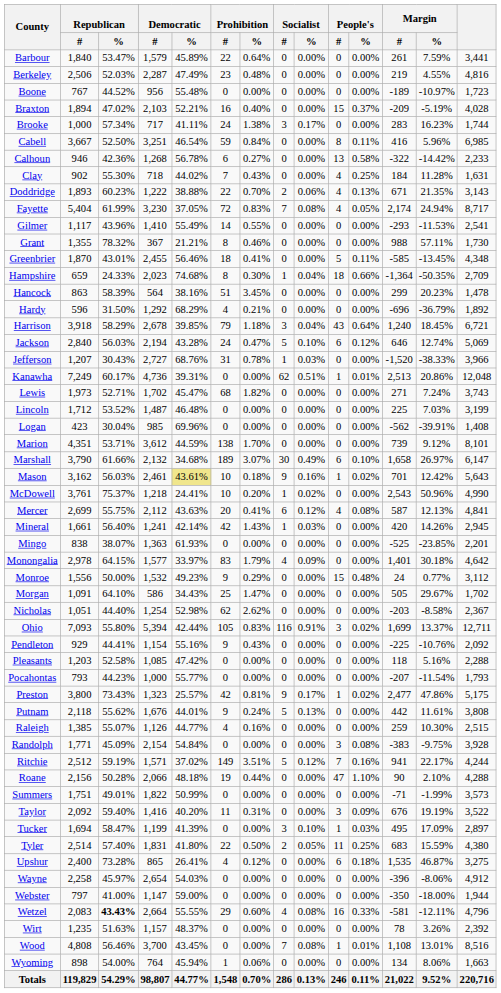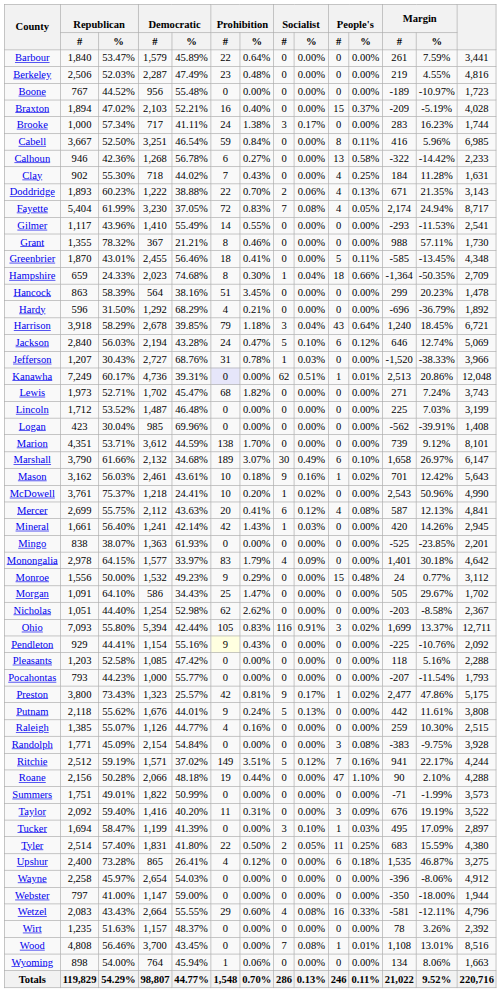 <table class="wikitable sortable mw-collapsible mw-collapsed">
 <tr>
 <th rowspan="2">County</th>
 <th colspan="2"><br>Republican</th>
 <th colspan="2"><br>Democratic</th>
 <th colspan="2"><br>Prohibition</th>
 <th colspan="2"><br>Socialist</th>
 <th colspan="2"><br>People's</th>
 <th colspan="2">Margin</th>
 <th rowspan="2"></th>
 </tr>
 <tr>
 <th data-sort-type="number">#</th>
 <th data-sort-type="number">%</th>
 <th data-sort-type="number">#</th>
 <th data-sort-type="number">%</th>
 <th data-sort-type="number">#</th>
 <th data-sort-type="number">%</th>
 <th data-sort-type="number">#</th>
 <th data-sort-type="number">%</th>
 <th data-sort-type="number">#</th>
 <th data-sort-type="number">%</th>
 <th data-sort-type="number">#</th>
 <th data-sort-type="number">%</th>
 </tr>
 <tr style="text-align:center;">
 <td><a href='#'>Barbour</a></td>
 <td>1,840</td>
 <td>53.47%</td>
 <td>1,579</td>
 <td>45.89%</td>
 <td>22</td>
 <td>0.64%</td>
 <td>0</td>
 <td>0.00%</td>
 <td>0</td>
 <td>0.00%</td>
 <td>261</td>
 <td>7.59%</td>
 <td>3,441</td>
 </tr>
 <tr style="text-align:center;">
 <td><a href='#'>Berkeley</a></td>
 <td>2,506</td>
 <td>52.03%</td>
 <td>2,287</td>
 <td>47.49%</td>
 <td>23</td>
 <td>0.48%</td>
 <td>0</td>
 <td>0.00%</td>
 <td>0</td>
 <td>0.00%</td>
 <td>219</td>
 <td>4.55%</td>
 <td>4,816</td>
 </tr>
 <tr style="text-align:center;">
 <td><a href='#'>Boone</a></td>
 <td>767</td>
 <td>44.52%</td>
 <td>956</td>
 <td>55.48%</td>
 <td>0</td>
 <td>0.00%</td>
 <td>0</td>
 <td>0.00%</td>
 <td>0</td>
 <td>0.00%</td>
 <td>-189</td>
 <td>-10.97%</td>
 <td>1,723</td>
 </tr>
 <tr style="text-align:center;">
 <td><a href='#'>Braxton</a></td>
 <td>1,894</td>
 <td>47.02%</td>
 <td>2,103</td>
 <td>52.21%</td>
 <td>16</td>
 <td>0.40%</td>
 <td>0</td>
 <td>0.00%</td>
 <td>15</td>
 <td>0.37%</td>
 <td>-209</td>
 <td>-5.19%</td>
 <td>4,028</td>
 </tr>
 <tr style="text-align:center;">
 <td><a href='#'>Brooke</a></td>
 <td>1,000</td>
 <td>57.34%</td>
 <td>717</td>
 <td>41.11%</td>
 <td>24</td>
 <td>1.38%</td>
 <td>3</td>
 <td>0.17%</td>
 <td>0</td>
 <td>0.00%</td>
 <td>283</td>
 <td>16.23%</td>
 <td>1,744</td>
 </tr>
 <tr style="text-align:center;">
 <td><a href='#'>Cabell</a></td>
 <td>3,667</td>
 <td>52.50%</td>
 <td>3,251</td>
 <td>46.54%</td>
 <td>59</td>
 <td>0.84%</td>
 <td>0</td>
 <td>0.00%</td>
 <td>8</td>
 <td>0.11%</td>
 <td>416</td>
 <td>5.96%</td>
 <td>6,985</td>
 </tr>
 <tr style="text-align:center;">
 <td><a href='#'>Calhoun</a></td>
 <td>946</td>
 <td>42.36%</td>
 <td>1,268</td>
 <td>56.78%</td>
 <td>6</td>
 <td>0.27%</td>
 <td>0</td>
 <td>0.00%</td>
 <td>13</td>
 <td>0.58%</td>
 <td>-322</td>
 <td>-14.42%</td>
 <td>2,233</td>
 </tr>
 <tr style="text-align:center;">
 <td><a href='#'>Clay</a></td>
 <td>902</td>
 <td>55.30%</td>
 <td>718</td>
 <td>44.02%</td>
 <td>7</td>
 <td>0.43%</td>
 <td>0</td>
 <td>0.00%</td>
 <td>4</td>
 <td>0.25%</td>
 <td>184</td>
 <td>11.28%</td>
 <td>1,631</td>
 </tr>
 <tr style="text-align:center;">
 <td><a href='#'>Doddridge</a></td>
 <td>1,893</td>
 <td>60.23%</td>
 <td>1,222</td>
 <td>38.88%</td>
 <td>22</td>
 <td>0.70%</td>
 <td>2</td>
 <td>0.06%</td>
 <td>4</td>
 <td>0.13%</td>
 <td>671</td>
 <td>21.35%</td>
 <td>3,143</td>
 </tr>
 <tr style="text-align:center;">
 <td><a href='#'>Fayette</a></td>
 <td>5,404</td>
 <td>61.99%</td>
 <td>3,230</td>
 <td>37.05%</td>
 <td>72</td>
 <td>0.83%</td>
 <td>7</td>
 <td>0.08%</td>
 <td>4</td>
 <td>0.05%</td>
 <td>2,174</td>
 <td>24.94%</td>
 <td>8,717</td>
 </tr>
 <tr style="text-align:center;">
 <td><a href='#'>Gilmer</a></td>
 <td>1,117</td>
 <td>43.96%</td>
 <td>1,410</td>
 <td>55.49%</td>
 <td>14</td>
 <td>0.55%</td>
 <td>0</td>
 <td>0.00%</td>
 <td>0</td>
 <td>0.00%</td>
 <td>-293</td>
 <td>-11.53%</td>
 <td>2,541</td>
 </tr>
 <tr style="text-align:center;">
 <td><a href='#'>Grant</a></td>
 <td>1,355</td>
 <td>78.32%</td>
 <td>367</td>
 <td>21.21%</td>
 <td>8</td>
 <td>0.46%</td>
 <td>0</td>
 <td>0.00%</td>
 <td>0</td>
 <td>0.00%</td>
 <td>988</td>
 <td>57.11%</td>
 <td>1,730</td>
 </tr>
 <tr style="text-align:center;">
 <td><a href='#'>Greenbrier</a></td>
 <td>1,870</td>
 <td>43.01%</td>
 <td>2,455</td>
 <td>56.46%</td>
 <td>18</td>
 <td>0.41%</td>
 <td>0</td>
 <td>0.00%</td>
 <td>5</td>
 <td>0.11%</td>
 <td>-585</td>
 <td>-13.45%</td>
 <td>4,348</td>
 </tr>
 <tr style="text-align:center;">
 <td><a href='#'>Hampshire</a></td>
 <td>659</td>
 <td>24.33%</td>
 <td>2,023</td>
 <td>74.68%</td>
 <td>8</td>
 <td>0.30%</td>
 <td>1</td>
 <td>0.04%</td>
 <td>18</td>
 <td>0.66%</td>
 <td>-1,364</td>
 <td>-50.35%</td>
 <td>2,709</td>
 </tr>
 <tr style="text-align:center;">
 <td><a href='#'>Hancock</a></td>
 <td>863</td>
 <td>58.39%</td>
 <td>564</td>
 <td>38.16%</td>
 <td>51</td>
 <td>3.45%</td>
 <td>0</td>
 <td>0.00%</td>
 <td>0</td>
 <td>0.00%</td>
 <td>299</td>
 <td>20.23%</td>
 <td>1,478</td>
 </tr>
 <tr style="text-align:center;">
 <td><a href='#'>Hardy</a></td>
 <td>596</td>
 <td>31.50%</td>
 <td>1,292</td>
 <td>68.29%</td>
 <td>4</td>
 <td>0.21%</td>
 <td>0</td>
 <td>0.00%</td>
 <td>0</td>
 <td>0.00%</td>
 <td>-696</td>
 <td>-36.79%</td>
 <td>1,892</td>
 </tr>
 <tr style="text-align:center;">
 <td><a href='#'>Harrison</a></td>
 <td>3,918</td>
 <td>58.29%</td>
 <td>2,678</td>
 <td>39.85%</td>
 <td>79</td>
 <td>1.18%</td>
 <td>3</td>
 <td>0.04%</td>
 <td>43</td>
 <td>0.64%</td>
 <td>1,240</td>
 <td>18.45%</td>
 <td>6,721</td>
 </tr>
 <tr style="text-align:center;">
 <td><a href='#'>Jackson</a></td>
 <td>2,840</td>
 <td>56.03%</td>
 <td>2,194</td>
 <td>43.28%</td>
 <td>24</td>
 <td>0.47%</td>
 <td>5</td>
 <td>0.10%</td>
 <td>6</td>
 <td>0.12%</td>
 <td>646</td>
 <td>12.74%</td>
 <td>5,069</td>
 </tr>
 <tr style="text-align:center;">
 <td><a href='#'>Jefferson</a></td>
 <td>1,207</td>
 <td>30.43%</td>
 <td>2,727</td>
 <td>68.76%</td>
 <td>31</td>
 <td>0.78%</td>
 <td>1</td>
 <td>0.03%</td>
 <td>0</td>
 <td>0.00%</td>
 <td>-1,520</td>
 <td>-38.33%</td>
 <td>3,966</td>
 </tr>
 <tr style="text-align:center;">
 <td><a href='#'>Kanawha</a></td>
 <td>7,249</td>
 <td>60.17%</td>
 <td>4,736</td>
 <td>39.31%</td>
-<td>0</td>
+<td style="background: lavender;">0</td>
 <td>0.00%</td>
 <td>62</td>
 <td>0.51%</td>
 <td>1</td>
 <td>0.01%</td>
 <td>2,513</td>
 <td>20.86%</td>
 <td>12,048</td>
 </tr>
 <tr style="text-align:center;">
 <td><a href='#'>Lewis</a></td>
 <td>1,973</td>
 <td>52.71%</td>
 <td>1,702</td>
 <td>45.47%</td>
 <td>68</td>
 <td>1.82%</td>
 <td>0</td>
 <td>0.00%</td>
 <td>0</td>
 <td>0.00%</td>
 <td>271</td>
 <td>7.24%</td>
 <td>3,743</td>
 </tr>
 <tr style="text-align:center;">
 <td><a href='#'>Lincoln</a></td>
 <td>1,712</td>
 <td>53.52%</td>
 <td>1,487</td>
 <td>46.48%</td>
 <td>0</td>
 <td>0.00%</td>
 <td>0</td>
 <td>0.00%</td>
 <td>0</td>
 <td>0.00%</td>
 <td>225</td>
 <td>7.03%</td>
 <td>3,199</td>
 </tr>
 <tr style="text-align:center;">
 <td><a href='#'>Logan</a></td>
 <td>423</td>
 <td>30.04%</td>
 <td>985</td>
 <td>69.96%</td>
 <td>0</td>
 <td>0.00%</td>
 <td>0</td>
 <td>0.00%</td>
 <td>0</td>
 <td>0.00%</td>
 <td>-562</td>
 <td>-39.91%</td>
 <td>1,408</td>
 </tr>
 <tr style="text-align:center;">
 <td><a href='#'>Marion</a></td>
 <td>4,351</td>
 <td>53.71%</td>
 <td>3,612</td>
 <td>44.59%</td>
 <td>138</td>
 <td>1.70%</td>
 <td>0</td>
 <td>0.00%</td>
 <td>0</td>
 <td>0.00%</td>
 <td>739</td>
 <td>9.12%</td>
 <td>8,101</td>
 </tr>
 <tr style="text-align:center;">
 <td><a href='#'>Marshall</a></td>
 <td>3,790</td>
 <td>61.66%</td>
 <td>2,132</td>
 <td>34.68%</td>
 <td>189</td>
 <td>3.07%</td>
 <td>30</td>
 <td>0.49%</td>
 <td>6</td>
 <td>0.10%</td>
 <td>1,658</td>
 <td>26.97%</td>
 <td>6,147</td>
 </tr>
 <tr style="text-align:center;">
 <td><a href='#'>Mason</a></td>
 <td>3,162</td>
 <td>56.03%</td>
 <td>2,461</td>
-<td style="background: khaki;">43.61%</td>
+<td>43.61%</td>
 <td>10</td>
 <td>0.18%</td>
 <td>9</td>
 <td>0.16%</td>
 <td>1</td>
 <td>0.02%</td>
 <td>701</td>
 <td>12.42%</td>
 <td>5,643</td>
 </tr>
 <tr style="text-align:center;">
 <td><a href='#'>McDowell</a></td>
 <td>3,761</td>
 <td>75.37%</td>
 <td>1,218</td>
 <td>24.41%</td>
 <td>10</td>
 <td>0.20%</td>
 <td>1</td>
 <td>0.02%</td>
 <td>0</td>
 <td>0.00%</td>
 <td>2,543</td>
 <td>50.96%</td>
 <td>4,990</td>
 </tr>
 <tr style="text-align:center;">
 <td><a href='#'>Mercer</a></td>
 <td>2,699</td>
 <td>55.75%</td>
 <td>2,112</td>
 <td>43.63%</td>
 <td>20</td>
 <td>0.41%</td>
 <td>6</td>
 <td>0.12%</td>
 <td>4</td>
 <td>0.08%</td>
 <td>587</td>
 <td>12.13%</td>
 <td>4,841</td>
 </tr>
 <tr style="text-align:center;">
 <td><a href='#'>Mineral</a></td>
 <td>1,661</td>
 <td>56.40%</td>
 <td>1,241</td>
 <td>42.14%</td>
 <td>42</td>
 <td>1.43%</td>
 <td>1</td>
 <td>0.03%</td>
 <td>0</td>
 <td>0.00%</td>
 <td>420</td>
 <td>14.26%</td>
 <td>2,945</td>
 </tr>
 <tr style="text-align:center;">
 <td><a href='#'>Mingo</a></td>
 <td>838</td>
 <td>38.07%</td>
 <td>1,363</td>
 <td>61.93%</td>
 <td>0</td>
 <td>0.00%</td>
 <td>0</td>
 <td>0.00%</td>
 <td>0</td>
 <td>0.00%</td>
 <td>-525</td>
 <td>-23.85%</td>
 <td>2,201</td>
 </tr>
 <tr style="text-align:center;">
 <td><a href='#'>Monongalia</a></td>
 <td>2,978</td>
 <td>64.15%</td>
 <td>1,577</td>
 <td>33.97%</td>
 <td>83</td>
 <td>1.79%</td>
 <td>4</td>
 <td>0.09%</td>
 <td>0</td>
 <td>0.00%</td>
 <td>1,401</td>
 <td>30.18%</td>
 <td>4,642</td>
 </tr>
 <tr style="text-align:center;">
 <td><a href='#'>Monroe</a></td>
 <td>1,556</td>
 <td>50.00%</td>
 <td>1,532</td>
 <td>49.23%</td>
 <td>9</td>
 <td>0.29%</td>
 <td>0</td>
 <td>0.00%</td>
 <td>15</td>
 <td>0.48%</td>
 <td>24</td>
 <td>0.77%</td>
 <td>3,112</td>
 </tr>
 <tr style="text-align:center;">
 <td><a href='#'>Morgan</a></td>
 <td>1,091</td>
 <td>64.10%</td>
 <td>586</td>
 <td>34.43%</td>
 <td>25</td>
 <td>1.47%</td>
 <td>0</td>
 <td>0.00%</td>
 <td>0</td>
 <td>0.00%</td>
 <td>505</td>
 <td>29.67%</td>
 <td>1,702</td>
 </tr>
 <tr style="text-align:center;">
 <td><a href='#'>Nicholas</a></td>
 <td>1,051</td>
 <td>44.40%</td>
 <td>1,254</td>
 <td>52.98%</td>
 <td>62</td>
 <td>2.62%</td>
 <td>0</td>
 <td>0.00%</td>
 <td>0</td>
 <td>0.00%</td>
 <td>-203</td>
 <td>-8.58%</td>
 <td>2,367</td>
 </tr>
 <tr style="text-align:center;">
 <td><a href='#'>Ohio</a></td>
 <td>7,093</td>
 <td>55.80%</td>
 <td>5,394</td>
 <td>42.44%</td>
 <td>105</td>
 <td>0.83%</td>
 <td>116</td>
 <td>0.91%</td>
 <td>3</td>
 <td>0.02%</td>
 <td>1,699</td>
 <td>13.37%</td>
 <td>12,711</td>
 </tr>
 <tr style="text-align:center;">
 <td><a href='#'>Pendleton</a></td>
 <td>929</td>
 <td>44.41%</td>
 <td>1,154</td>
 <td>55.16%</td>
-<td>9</td>
+<td style="background: lightyellow;">9</td>
 <td>0.43%</td>
 <td>0</td>
 <td>0.00%</td>
 <td>0</td>
 <td>0.00%</td>
 <td>-225</td>
 <td>-10.76%</td>
 <td>2,092</td>
 </tr>
 <tr style="text-align:center;">
 <td><a href='#'>Pleasants</a></td>
 <td>1,203</td>
 <td>52.58%</td>
 <td>1,085</td>
 <td>47.42%</td>
 <td>0</td>
 <td>0.00%</td>
 <td>0</td>
 <td>0.00%</td>
 <td>0</td>
 <td>0.00%</td>
 <td>118</td>
 <td>5.16%</td>
 <td>2,288</td>
 </tr>
 <tr style="text-align:center;">
 <td><a href='#'>Pocahontas</a></td>
 <td>793</td>
 <td>44.23%</td>
 <td>1,000</td>
 <td>55.77%</td>
 <td>0</td>
 <td>0.00%</td>
 <td>0</td>
 <td>0.00%</td>
 <td>0</td>
 <td>0.00%</td>
 <td>-207</td>
 <td>-11.54%</td>
 <td>1,793</td>
 </tr>
 <tr style="text-align:center;">
 <td><a href='#'>Preston</a></td>
 <td>3,800</td>
 <td>73.43%</td>
 <td>1,323</td>
 <td>25.57%</td>
 <td>42</td>
 <td>0.81%</td>
 <td>9</td>
 <td>0.17%</td>
 <td>1</td>
 <td>0.02%</td>
 <td>2,477</td>
 <td>47.86%</td>
 <td>5,175</td>
 </tr>
 <tr style="text-align:center;">
 <td><a href='#'>Putnam</a></td>
 <td>2,118</td>
 <td>55.62%</td>
 <td>1,676</td>
 <td>44.01%</td>
 <td>9</td>
 <td>0.24%</td>
 <td>5</td>
 <td>0.13%</td>
 <td>0</td>
 <td>0.00%</td>
 <td>442</td>
 <td>11.61%</td>
 <td>3,808</td>
 </tr>
 <tr style="text-align:center;">
 <td><a href='#'>Raleigh</a></td>
 <td>1,385</td>
 <td>55.07%</td>
 <td>1,126</td>
 <td>44.77%</td>
 <td>4</td>
 <td>0.16%</td>
 <td>0</td>
 <td>0.00%</td>
 <td>0</td>
 <td>0.00%</td>
 <td>259</td>
 <td>10.30%</td>
 <td>2,515</td>
 </tr>
 <tr style="text-align:center;">
 <td><a href='#'>Randolph</a></td>
 <td>1,771</td>
 <td>45.09%</td>
 <td>2,154</td>
 <td>54.84%</td>
 <td>0</td>
 <td>0.00%</td>
 <td>0</td>
 <td>0.00%</td>
 <td>3</td>
 <td>0.08%</td>
 <td>-383</td>
 <td>-9.75%</td>
 <td>3,928</td>
 </tr>
 <tr style="text-align:center;">
 <td><a href='#'>Ritchie</a></td>
 <td>2,512</td>
 <td>59.19%</td>
 <td>1,571</td>
 <td>37.02%</td>
 <td>149</td>
 <td>3.51%</td>
 <td>5</td>
 <td>0.12%</td>
 <td>7</td>
 <td>0.16%</td>
 <td>941</td>
 <td>22.17%</td>
 <td>4,244</td>
 </tr>
 <tr style="text-align:center;">
 <td><a href='#'>Roane</a></td>
 <td>2,156</td>
 <td>50.28%</td>
 <td>2,066</td>
 <td>48.18%</td>
 <td>19</td>
 <td>0.44%</td>
 <td>0</td>
 <td>0.00%</td>
 <td>47</td>
 <td>1.10%</td>
 <td>90</td>
 <td>2.10%</td>
 <td>4,288</td>
 </tr>
 <tr style="text-align:center;">
 <td><a href='#'>Summers</a></td>
 <td>1,751</td>
 <td>49.01%</td>
 <td>1,822</td>
 <td>50.99%</td>
 <td>0</td>
 <td>0.00%</td>
 <td>0</td>
 <td>0.00%</td>
 <td>0</td>
 <td>0.00%</td>
 <td>-71</td>
 <td>-1.99%</td>
 <td>3,573</td>
 </tr>
 <tr style="text-align:center;">
 <td><a href='#'>Taylor</a></td>
 <td>2,092</td>
 <td>59.40%</td>
 <td>1,416</td>
 <td>40.20%</td>
 <td>11</td>
 <td>0.31%</td>
 <td>0</td>
 <td>0.00%</td>
 <td>3</td>
 <td>0.09%</td>
 <td>676</td>
 <td>19.19%</td>
 <td>3,522</td>
 </tr>
 <tr style="text-align:center;">
 <td><a href='#'>Tucker</a></td>
 <td>1,694</td>
 <td>58.47%</td>
 <td>1,199</td>
 <td>41.39%</td>
 <td>0</td>
 <td>0.00%</td>
 <td>3</td>
 <td>0.10%</td>
 <td>1</td>
 <td>0.03%</td>
 <td>495</td>
 <td>17.09%</td>
 <td>2,897</td>
 </tr>
 <tr style="text-align:center;">
 <td><a href='#'>Tyler</a></td>
 <td>2,514</td>
 <td>57.40%</td>
 <td>1,831</td>
 <td>41.80%</td>
 <td>22</td>
 <td>0.50%</td>
 <td>2</td>
 <td>0.05%</td>
 <td>11</td>
 <td>0.25%</td>
 <td>683</td>
 <td>15.59%</td>
 <td>4,380</td>
 </tr>
 <tr style="text-align:center;">
 <td><a href='#'>Upshur</a></td>
 <td>2,400</td>
 <td>73.28%</td>
 <td>865</td>
 <td>26.41%</td>
 <td>4</td>
 <td>0.12%</td>
 <td>0</td>
 <td>0.00%</td>
 <td>6</td>
 <td>0.18%</td>
 <td>1,535</td>
 <td>46.87%</td>
 <td>3,275</td>
 </tr>
 <tr style="text-align:center;">
 <td><a href='#'>Wayne</a></td>
 <td>2,258</td>
 <td>45.97%</td>
 <td>2,654</td>
 <td>54.03%</td>
 <td>0</td>
 <td>0.00%</td>
 <td>0</td>
 <td>0.00%</td>
 <td>0</td>
 <td>0.00%</td>
 <td>-396</td>
 <td>-8.06%</td>
 <td>4,912</td>
 </tr>
 <tr style="text-align:center;">
 <td><a href='#'>Webster</a></td>
 <td>797</td>
 <td>41.00%</td>
 <td>1,147</td>
 <td>59.00%</td>
 <td>0</td>
 <td>0.00%</td>
 <td>0</td>
 <td>0.00%</td>
 <td>0</td>
 <td>0.00%</td>
 <td>-350</td>
 <td>-18.00%</td>
 <td>1,944</td>
 </tr>
 <tr style="text-align:center;">
 <td><a href='#'>Wetzel</a></td>
 <td>2,083</td>
-<td><strong>43.43%</strong></td>
+<td>43.43%</td>
 <td>2,664</td>
 <td>55.55%</td>
 <td>29</td>
 <td>0.60%</td>
 <td>4</td>
 <td>0.08%</td>
 <td>16</td>
 <td>0.33%</td>
 <td>-581</td>
 <td>-12.11%</td>
 <td>4,796</td>
 </tr>
 <tr style="text-align:center;">
 <td><a href='#'>Wirt</a></td>
 <td>1,235</td>
 <td>51.63%</td>
 <td>1,157</td>
 <td>48.37%</td>
 <td>0</td>
 <td>0.00%</td>
 <td>0</td>
 <td>0.00%</td>
 <td>0</td>
 <td>0.00%</td>
 <td>78</td>
 <td>3.26%</td>
 <td>2,392</td>
 </tr>
 <tr style="text-align:center;">
 <td><a href='#'>Wood</a></td>
 <td>4,808</td>
 <td>56.46%</td>
 <td>3,700</td>
 <td>43.45%</td>
 <td>0</td>
 <td>0.00%</td>
 <td>7</td>
 <td>0.08%</td>
 <td>1</td>
 <td>0.01%</td>
 <td>1,108</td>
 <td>13.01%</td>
 <td>8,516</td>
 </tr>
 <tr style="text-align:center;">
 <td><a href='#'>Wyoming</a></td>
 <td>898</td>
 <td>54.00%</td>
 <td>764</td>
 <td>45.94%</td>
 <td>1</td>
 <td>0.06%</td>
 <td>0</td>
 <td>0.00%</td>
 <td>0</td>
 <td>0.00%</td>
 <td>134</td>
 <td>8.06%</td>
 <td>1,663</td>
 </tr>
 <tr>
 <th>Totals</th>
 <th>119,829</th>
 <th>54.29%</th>
 <th>98,807</th>
 <th>44.77%</th>
 <th>1,548</th>
 <th>0.70%</th>
 <th>286</th>
 <th>0.13%</th>
 <th>246</th>
 <th>0.11%</th>
 <th>21,022</th>
 <th>9.52%</th>
 <th>220,716</th>
 </tr>
 </table>
